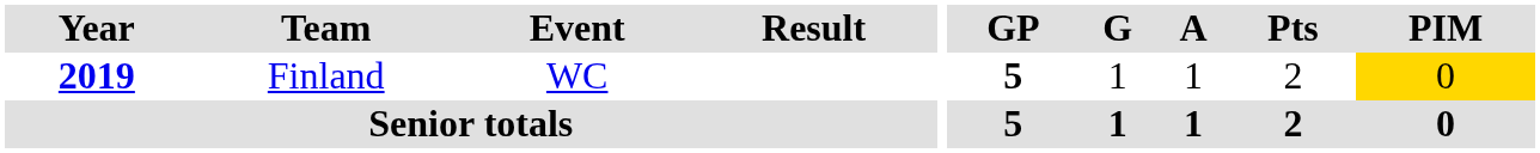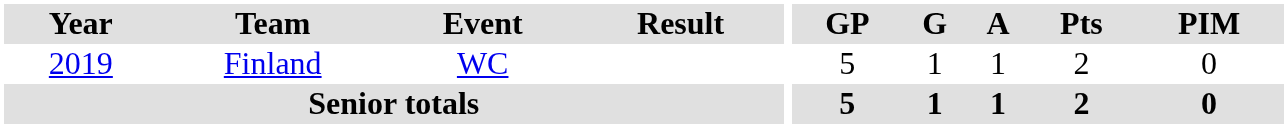 <table border="0" cellpadding="1" cellspacing="0" ID="Table3" style="text-align:center; width:40em">
 <tr ALIGN="center" bgcolor="#e0e0e0">
 <th>Year</th>
 <th>Team</th>
 <th>Event</th>
 <th>Result</th>
 <th rowspan="99" bgcolor="#ffffff"></th>
 <th>GP</th>
 <th>G</th>
 <th>A</th>
 <th>Pts</th>
 <th>PIM</th>
 </tr>
 <tr>
-<td><strong><a href='#'>2019</a></strong></td>
+<td><a href='#'>2019</a></td>
 <td><a href='#'>Finland</a></td>
 <td><a href='#'>WC</a></td>
 <td></td>
-<td><strong>5</strong></td>
+<td>5</td>
 <td>1</td>
 <td>1</td>
 <td>2</td>
-<td style="background: gold;">0</td>
+<td>0</td>
 </tr>
 <tr bgcolor="#e0e0e0">
 <th colspan="4">Senior totals</th>
 <th>5</th>
 <th>1</th>
 <th>1</th>
 <th>2</th>
 <th>0</th>
 </tr>
 </table>
